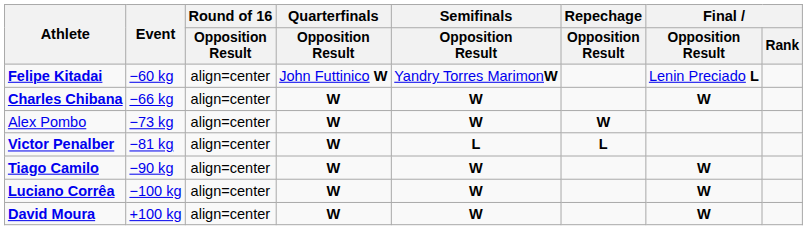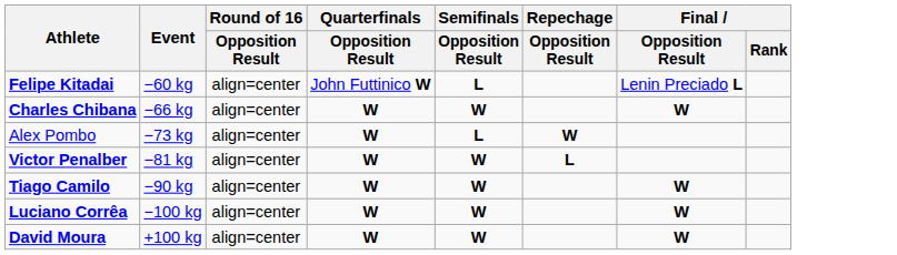 <table class="wikitable" style="font-size:90%">
 <tr>
 <th rowspan=2>Athlete</th>
 <th rowspan=2>Event</th>
 <th>Round of 16</th>
 <th>Quarterfinals</th>
 <th>Semifinals</th>
 <th>Repechage</th>
 <th colspan=2>Final / </th>
 </tr>
 <tr style="font-size:95%">
 <th>Opposition<br>Result</th>
 <th>Opposition<br>Result</th>
 <th>Opposition<br>Result</th>
 <th>Opposition<br>Result</th>
 <th>Opposition<br>Result</th>
 <th>Rank</th>
 </tr>
 <tr align=center>
 <td align=left><strong><a href='#'>Felipe Kitadai</a></strong></td>
 <td align=left><a href='#'>−60 kg</a></td>
 <td>align=center </td>
 <td> <a href='#'>John Futtinico</a> <strong>W</strong></td>
-<td> <a href='#'>Yandry Torres Marimon</a><strong>W</strong></td>
+<td><strong>L</strong></td>
 <td></td>
 <td> <a href='#'>Lenin Preciado</a> <strong>L</strong></td>
 <td></td>
 </tr>
 <tr align=center>
 <td align=left><strong><a href='#'>Charles Chibana</a></strong></td>
 <td align=left><a href='#'>−66 kg</a></td>
 <td>align=center </td>
 <td> <strong>W</strong></td>
 <td><strong>W</strong></td>
 <td></td>
 <td><strong>W</strong></td>
 <td></td>
 </tr>
 <tr align=center>
 <td align=left><a href='#'>Alex Pombo</a></td>
 <td align=left><a href='#'>−73 kg</a></td>
 <td>align=center </td>
 <td><strong>W</strong></td>
-<td><strong>W</strong></td>
+<td><strong>L</strong></td>
 <td><strong>W</strong></td>
 <td></td>
 <td></td>
 </tr>
 <tr align=center>
 <td align=left><strong><a href='#'>Victor Penalber</a></strong></td>
 <td align=left><a href='#'>−81 kg</a></td>
 <td>align=center </td>
 <td><strong>W</strong></td>
-<td><strong>L</strong></td>
+<td><strong>W</strong></td>
 <td><strong>L</strong></td>
 <td></td>
 <td></td>
 </tr>
 <tr align=center>
 <td align=left><strong><a href='#'>Tiago Camilo</a></strong></td>
 <td align=left><a href='#'>−90 kg</a></td>
 <td>align=center </td>
 <td><strong>W</strong></td>
 <td><strong>W</strong></td>
 <td></td>
 <td><strong>W</strong></td>
 <td></td>
 </tr>
 <tr align=center>
 <td align=left><strong><a href='#'>Luciano Corrêa</a></strong></td>
 <td align=left><a href='#'>−100 kg</a></td>
 <td>align=center </td>
 <td><strong>W</strong></td>
 <td><strong>W</strong></td>
 <td></td>
 <td><strong>W</strong></td>
 <td></td>
 </tr>
 <tr align=center>
 <td align=left><strong><a href='#'>David Moura</a></strong></td>
 <td align=left><a href='#'>+100 kg</a></td>
 <td>align=center </td>
 <td><strong>W</strong></td>
 <td><strong>W</strong></td>
 <td></td>
 <td><strong>W</strong></td>
 <td></td>
 </tr>
 </table>
